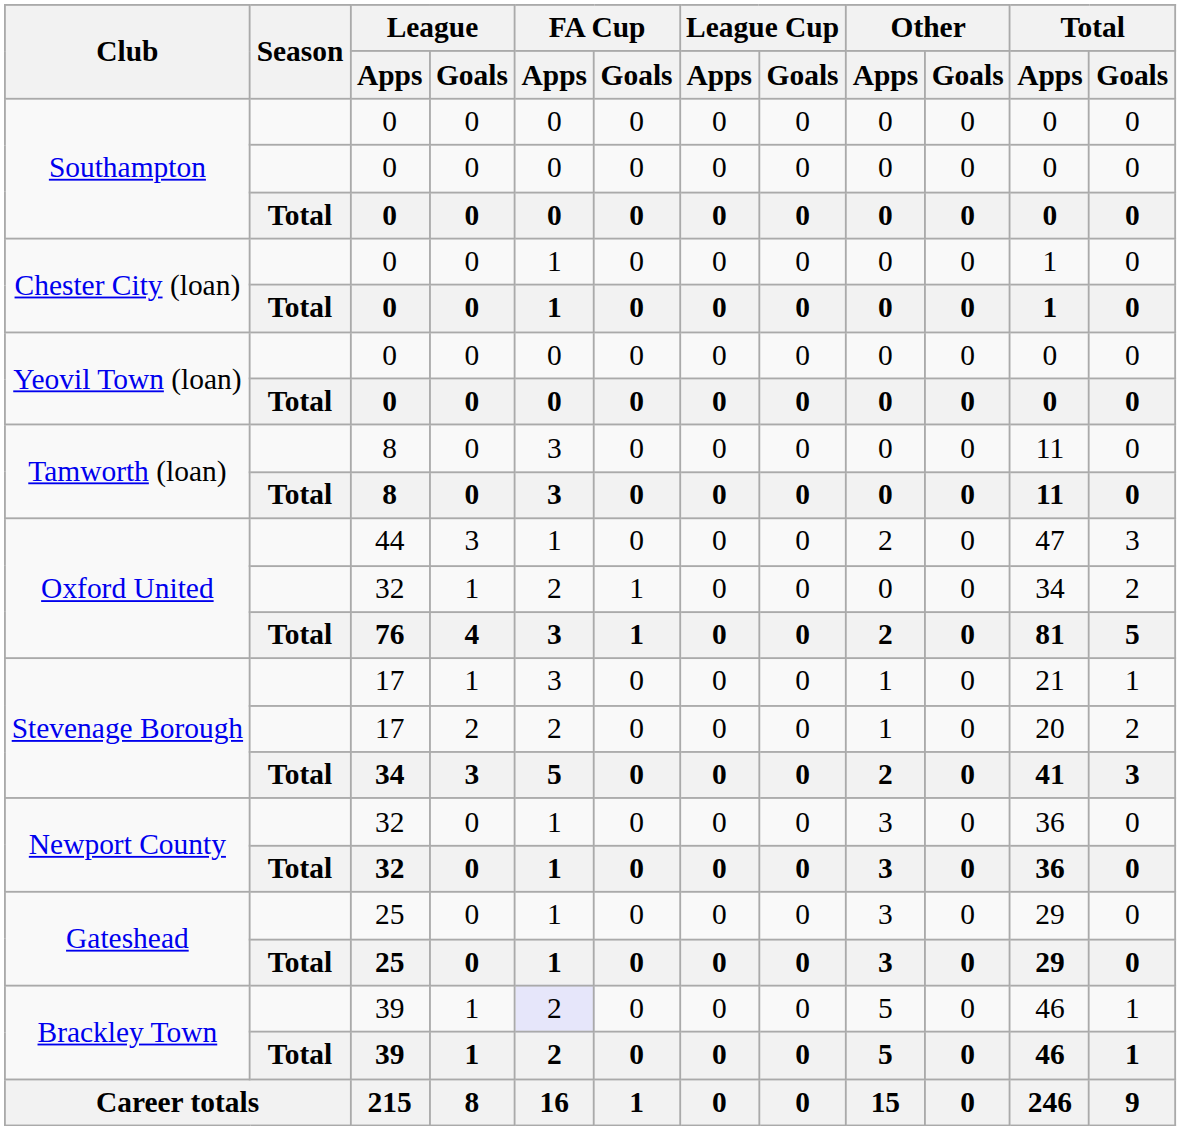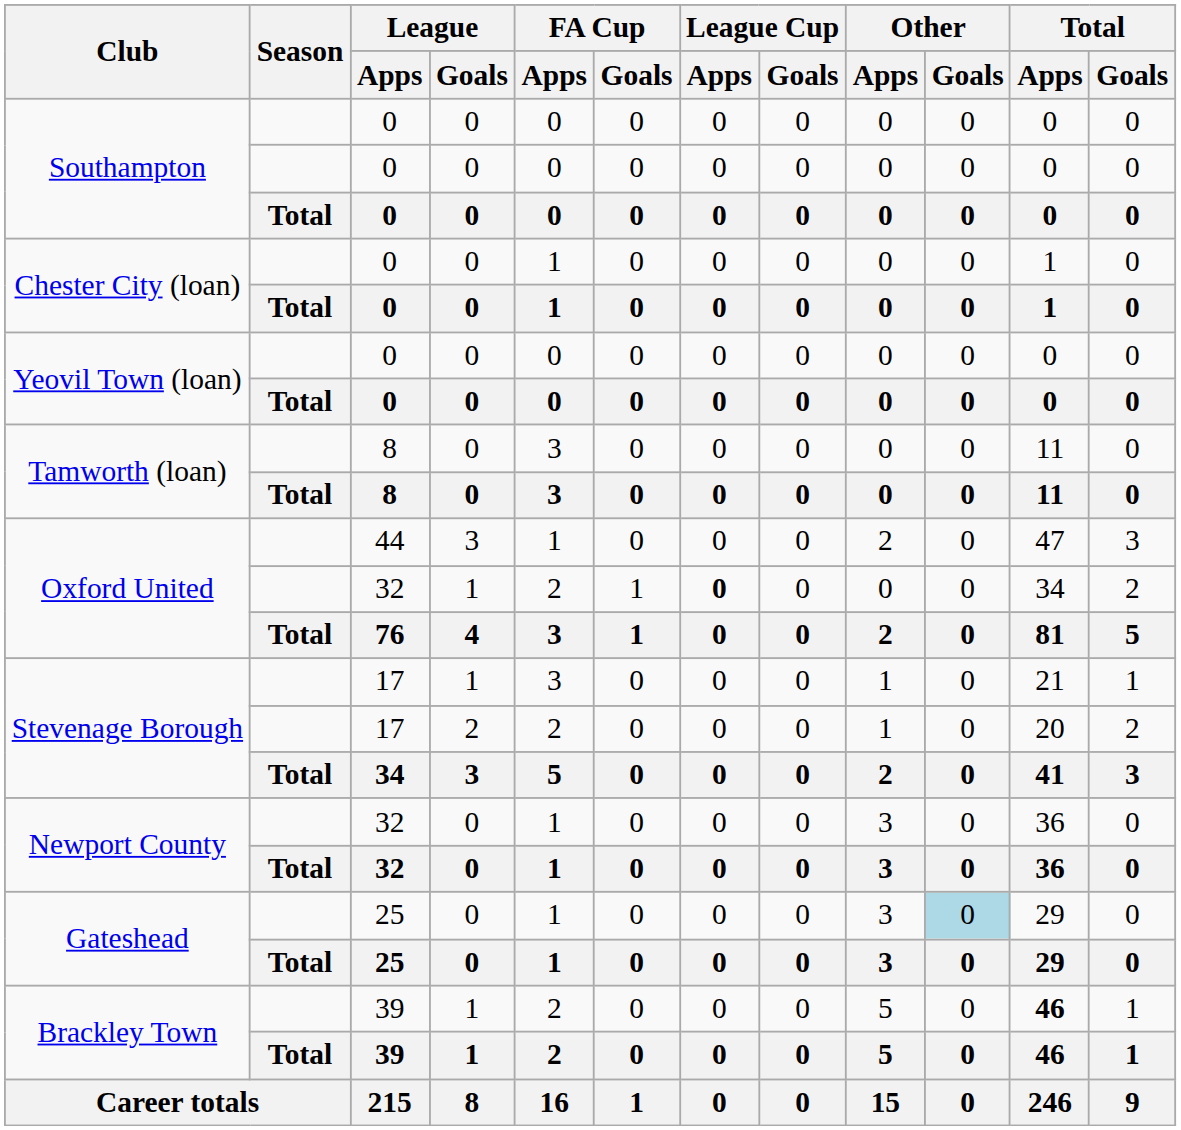 <table class="wikitable" style="text-align: center;">
 <tr>
 <th rowspan="2">Club</th>
 <th rowspan="2">Season</th>
 <th colspan="2">League</th>
 <th colspan="2">FA Cup</th>
 <th colspan="2">League Cup</th>
 <th colspan="2">Other</th>
 <th colspan="2">Total</th>
 </tr>
 <tr>
 <th>Apps</th>
 <th>Goals</th>
 <th>Apps</th>
 <th>Goals</th>
 <th>Apps</th>
 <th>Goals</th>
 <th>Apps</th>
 <th>Goals</th>
 <th>Apps</th>
 <th>Goals</th>
 </tr>
 <tr>
 <td rowspan="3" valign="center"><a href='#'>Southampton</a></td>
 <td></td>
 <td>0</td>
 <td>0</td>
 <td>0</td>
 <td>0</td>
 <td>0</td>
 <td>0</td>
 <td>0</td>
 <td>0</td>
 <td>0</td>
 <td>0</td>
 </tr>
 <tr>
 <td></td>
 <td>0</td>
 <td>0</td>
 <td>0</td>
 <td>0</td>
 <td>0</td>
 <td>0</td>
 <td>0</td>
 <td>0</td>
 <td>0</td>
 <td>0</td>
 </tr>
 <tr>
 <th>Total</th>
 <th>0</th>
 <th>0</th>
 <th>0</th>
 <th>0</th>
 <th>0</th>
 <th>0</th>
 <th>0</th>
 <th>0</th>
 <th>0</th>
 <th>0</th>
 </tr>
 <tr>
 <td rowspan="2" valign="center"><a href='#'>Chester City</a> (loan)</td>
 <td></td>
 <td>0</td>
 <td>0</td>
 <td>1</td>
 <td>0</td>
 <td>0</td>
 <td>0</td>
 <td>0</td>
 <td>0</td>
 <td>1</td>
 <td>0</td>
 </tr>
 <tr>
 <th>Total</th>
 <th>0</th>
 <th>0</th>
 <th>1</th>
 <th>0</th>
 <th>0</th>
 <th>0</th>
 <th>0</th>
 <th>0</th>
 <th>1</th>
 <th>0</th>
 </tr>
 <tr>
 <td rowspan="2" valign="center"><a href='#'>Yeovil Town</a> (loan)</td>
 <td></td>
 <td>0</td>
 <td>0</td>
 <td>0</td>
 <td>0</td>
 <td>0</td>
 <td>0</td>
 <td>0</td>
 <td>0</td>
 <td>0</td>
 <td>0</td>
 </tr>
 <tr>
 <th>Total</th>
 <th>0</th>
 <th>0</th>
 <th>0</th>
 <th>0</th>
 <th>0</th>
 <th>0</th>
 <th>0</th>
 <th>0</th>
 <th>0</th>
 <th>0</th>
 </tr>
 <tr>
 <td rowspan="2" valign="center"><a href='#'>Tamworth</a> (loan)</td>
 <td></td>
 <td>8</td>
 <td>0</td>
 <td>3</td>
 <td>0</td>
 <td>0</td>
 <td>0</td>
 <td>0</td>
 <td>0</td>
 <td>11</td>
 <td>0</td>
 </tr>
 <tr>
 <th>Total</th>
 <th>8</th>
 <th>0</th>
 <th>3</th>
 <th>0</th>
 <th>0</th>
 <th>0</th>
 <th>0</th>
 <th>0</th>
 <th>11</th>
 <th>0</th>
 </tr>
 <tr>
 <td rowspan="3" valign="center"><a href='#'>Oxford United</a></td>
 <td></td>
 <td>44</td>
 <td>3</td>
 <td>1</td>
 <td>0</td>
 <td>0</td>
 <td>0</td>
 <td>2</td>
 <td>0</td>
 <td>47</td>
 <td>3</td>
 </tr>
 <tr>
 <td></td>
 <td>32</td>
 <td>1</td>
 <td>2</td>
 <td>1</td>
-<td>0</td>
+<td><strong>0</strong></td>
 <td>0</td>
 <td>0</td>
 <td>0</td>
 <td>34</td>
 <td>2</td>
 </tr>
 <tr>
 <th>Total</th>
 <th>76</th>
 <th>4</th>
 <th>3</th>
 <th>1</th>
 <th>0</th>
 <th>0</th>
 <th>2</th>
 <th>0</th>
 <th>81</th>
 <th>5</th>
 </tr>
 <tr>
 <td rowspan="3" valign="center"><a href='#'>Stevenage Borough</a></td>
 <td></td>
 <td>17</td>
 <td>1</td>
 <td>3</td>
 <td>0</td>
 <td>0</td>
 <td>0</td>
 <td>1</td>
 <td>0</td>
 <td>21</td>
 <td>1</td>
 </tr>
 <tr>
 <td></td>
 <td>17</td>
 <td>2</td>
 <td>2</td>
 <td>0</td>
 <td>0</td>
 <td>0</td>
 <td>1</td>
 <td>0</td>
 <td>20</td>
 <td>2</td>
 </tr>
 <tr>
 <th>Total</th>
 <th>34</th>
 <th>3</th>
 <th>5</th>
 <th>0</th>
 <th>0</th>
 <th>0</th>
 <th>2</th>
 <th>0</th>
 <th>41</th>
 <th>3</th>
 </tr>
 <tr>
 <td rowspan="2" valign="center"><a href='#'>Newport County</a></td>
 <td></td>
 <td>32</td>
 <td>0</td>
 <td>1</td>
 <td>0</td>
 <td>0</td>
 <td>0</td>
 <td>3</td>
 <td>0</td>
 <td>36</td>
 <td>0</td>
 </tr>
 <tr>
 <th>Total</th>
 <th>32</th>
 <th>0</th>
 <th>1</th>
 <th>0</th>
 <th>0</th>
 <th>0</th>
 <th>3</th>
 <th>0</th>
 <th>36</th>
 <th>0</th>
 </tr>
 <tr>
 <td rowspan="2" valign="center"><a href='#'>Gateshead</a></td>
 <td></td>
 <td>25</td>
 <td>0</td>
 <td>1</td>
 <td>0</td>
 <td>0</td>
 <td>0</td>
 <td>3</td>
-<td>0</td>
+<td style="background: lightblue;">0</td>
 <td>29</td>
 <td>0</td>
 </tr>
 <tr>
 <th>Total</th>
 <th>25</th>
 <th>0</th>
 <th>1</th>
 <th>0</th>
 <th>0</th>
 <th>0</th>
 <th>3</th>
 <th>0</th>
 <th>29</th>
 <th>0</th>
 </tr>
 <tr>
 <td rowspan="2" valign="center"><a href='#'>Brackley Town</a></td>
 <td></td>
 <td>39</td>
 <td>1</td>
-<td style="background: lavender;">2</td>
+<td>2</td>
 <td>0</td>
 <td>0</td>
 <td>0</td>
 <td>5</td>
 <td>0</td>
-<td>46</td>
+<td><strong>46</strong></td>
 <td>1</td>
 </tr>
 <tr>
 <th>Total</th>
 <th>39</th>
 <th>1</th>
 <th>2</th>
 <th>0</th>
 <th>0</th>
 <th>0</th>
 <th>5</th>
 <th>0</th>
 <th>46</th>
 <th>1</th>
 </tr>
 <tr>
 <th colspan="2">Career totals</th>
 <th>215</th>
 <th>8</th>
 <th>16</th>
 <th>1</th>
 <th>0</th>
 <th>0</th>
 <th>15</th>
 <th>0</th>
 <th>246</th>
 <th>9</th>
 </tr>
 </table>
